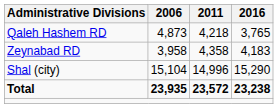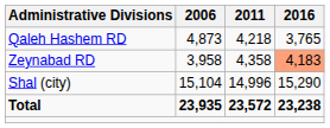 <table class="wikitable">
 <tr>
 <th>Administrative Divisions</th>
 <th>2006</th>
 <th>2011</th>
 <th>2016</th>
 </tr>
 <tr>
 <td><a href='#'>Qaleh Hashem RD</a></td>
 <td style="text-align: right;">4,873</td>
 <td style="text-align: right;">4,218</td>
 <td style="text-align: right;">3,765</td>
 </tr>
 <tr>
 <td><a href='#'>Zeynabad RD</a></td>
 <td style="text-align: right;">3,958</td>
 <td style="text-align: right;">4,358</td>
-<td style="text-align: right;">4,183</td>
+<td style="background: lightsalmon; text-align: right;">4,183</td>
 </tr>
 <tr>
 <td><a href='#'>Shal</a> (city)</td>
 <td style="text-align: right;">15,104</td>
 <td style="text-align: right;">14,996</td>
 <td style="text-align: right;">15,290</td>
 </tr>
 <tr>
 <td><strong>Total</strong></td>
 <td style="text-align: right;"><strong>23,935</strong></td>
 <td style="text-align: right;"><strong>23,572</strong></td>
 <td style="text-align: right;"><strong>23,238</strong></td>
 </tr>
 <tr>
 <td colspan=4></td>
 </tr>
 </table>
